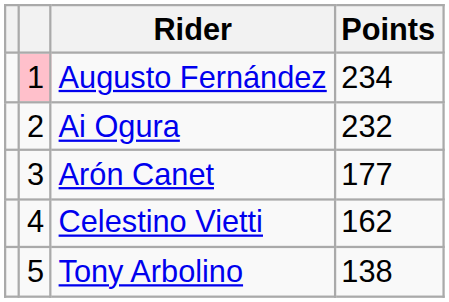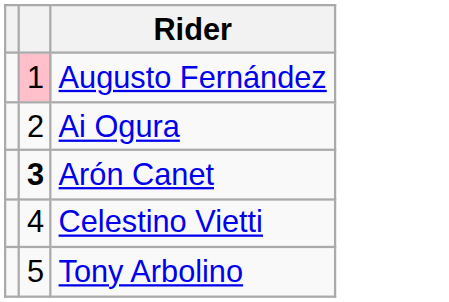 <table class="wikitable" style="font-size: 85%;">
 <tr>
 <th></th>
 <th></th>
 <th>Rider</th>
-<th>Points</th>
 </tr>
 <tr>
 <td></td>
 <td align=center style="background: pink;">1</td>
 <td> <a href='#'>Augusto Fernández</a></td>
-<td align=left>234</td>
 </tr>
 <tr>
 <td></td>
 <td align=center>2</td>
 <td> <a href='#'>Ai Ogura</a></td>
-<td align=left>232</td>
 </tr>
 <tr>
 <td></td>
-<td align=center>3</td>
+<td align=center><strong>3</strong></td>
 <td> <a href='#'>Arón Canet</a></td>
-<td align=left>177</td>
 </tr>
 <tr>
 <td></td>
 <td align=center>4</td>
 <td> <a href='#'>Celestino Vietti</a></td>
-<td align=left>162</td>
 </tr>
 <tr>
 <td></td>
 <td align=center>5</td>
 <td> <a href='#'>Tony Arbolino</a></td>
-<td align=left>138</td>
 </tr>
 </table>
